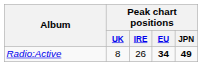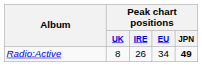 <table class="wikitable">
 <tr>
 <th rowspan="2" style="width:160px;">Album</th>
 <th colspan="6">Peak chart positions</th>
 </tr>
 <tr>
 <th width="30"><small><a href='#'>UK</a></small></th>
 <th width="30"><small><a href='#'>IRE</a></small></th>
 <th width="30"><small><a href='#'>EU</a></small></th>
 <th width="30"><small>JPN</small></th>
 </tr>
 <tr>
 <td><em><a href='#'>Radio:Active</a></em></td>
 <td style="text-align:center;">8</td>
 <td style="text-align:center;">26</td>
-<td style="text-align:center;"><strong>34</strong></td>
+<td style="text-align:center;">34</td>
 <td style="text-align:center;"><strong>49</strong></td>
 </tr>
 </table>
